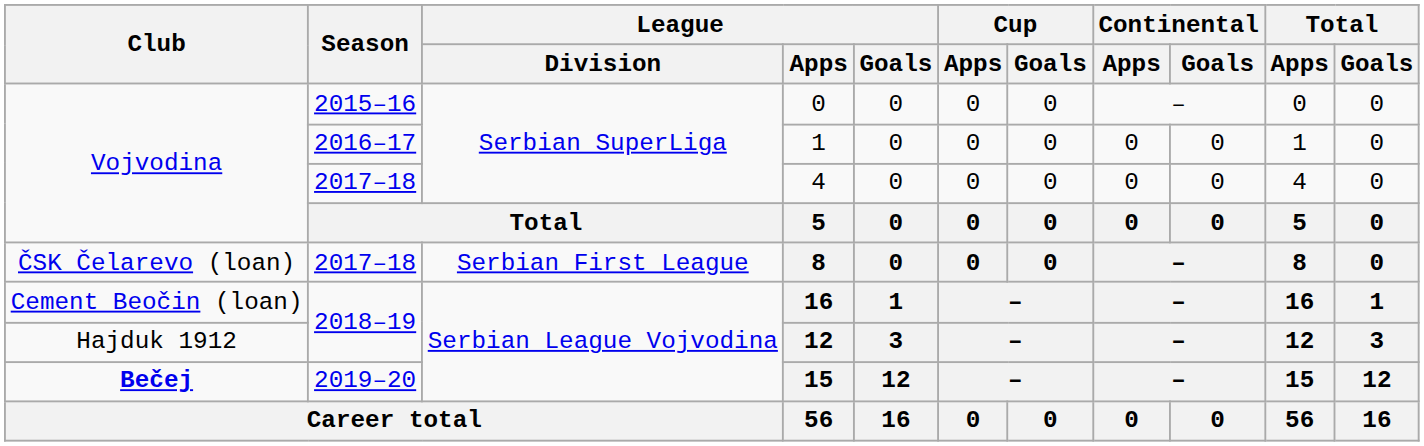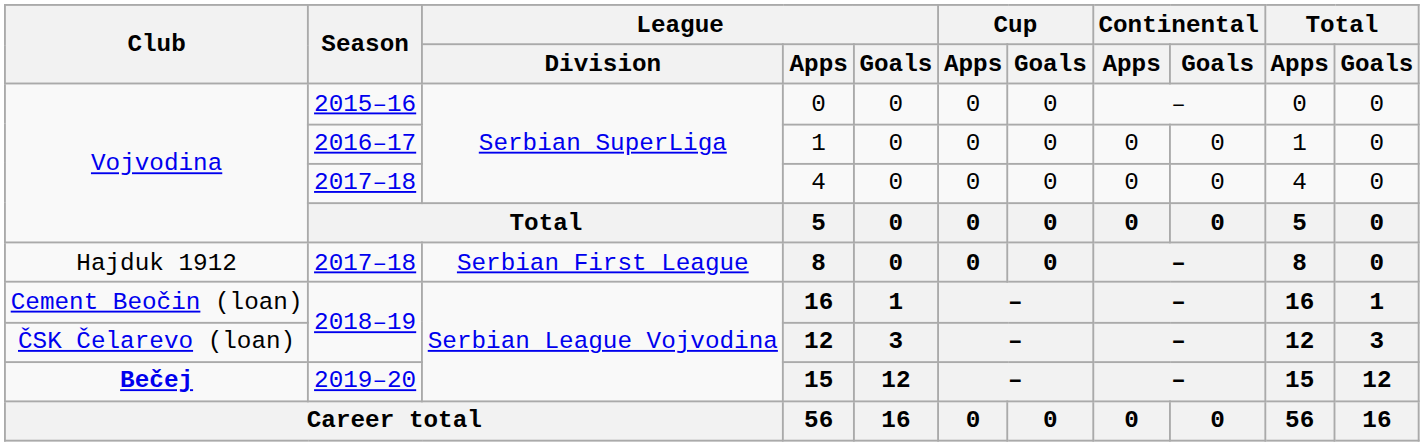 <table class="wikitable" style="text-align:center">
 <tr>
 <th rowspan="2">Club</th>
 <th rowspan="2">Season</th>
 <th colspan="3">League</th>
 <th colspan="2">Cup</th>
 <th colspan="2">Continental</th>
 <th colspan="2">Total</th>
 </tr>
 <tr>
 <th>Division</th>
 <th>Apps</th>
 <th>Goals</th>
 <th>Apps</th>
 <th>Goals</th>
 <th>Apps</th>
 <th>Goals</th>
 <th>Apps</th>
 <th>Goals</th>
 </tr>
 <tr>
 <td rowspan="4"><a href='#'>Vojvodina</a></td>
 <td><a href='#'>2015–16</a></td>
 <td rowspan="3"><a href='#'>Serbian SuperLiga</a></td>
 <td>0</td>
 <td>0</td>
 <td>0</td>
 <td>0</td>
 <td colspan="2">–</td>
 <td>0</td>
 <td>0</td>
 </tr>
 <tr>
 <td><a href='#'>2016–17</a></td>
 <td>1</td>
 <td>0</td>
 <td>0</td>
 <td>0</td>
 <td>0</td>
 <td>0</td>
 <td>1</td>
 <td>0</td>
 </tr>
 <tr>
 <td><a href='#'>2017–18</a></td>
 <td>4</td>
 <td>0</td>
 <td>0</td>
 <td>0</td>
 <td>0</td>
 <td>0</td>
 <td>4</td>
 <td>0</td>
 </tr>
 <tr>
 <th colspan="2">Total</th>
 <th>5</th>
 <th>0</th>
 <th>0</th>
 <th>0</th>
 <th>0</th>
 <th>0</th>
 <th>5</th>
 <th>0</th>
 </tr>
 <tr>
-<td><a href='#'>ČSK Čelarevo</a> (loan)</td>
+<td>Hajduk 1912</td>
 <td><a href='#'>2017–18</a></td>
 <td><a href='#'>Serbian First League</a></td>
 <th>8</th>
 <th>0</th>
 <th>0</th>
 <th>0</th>
 <th colspan="2">–</th>
 <th>8</th>
 <th>0</th>
 </tr>
 <tr>
 <td><a href='#'>Cement Beočin</a> (loan)</td>
 <td rowspan="2"><a href='#'>2018–19</a></td>
 <td rowspan="3"><a href='#'>Serbian League Vojvodina</a></td>
 <th>16</th>
 <th>1</th>
 <th colspan="2">–</th>
 <th colspan="2">–</th>
 <th>16</th>
 <th>1</th>
 </tr>
 <tr>
-<td>Hajduk 1912</td>
+<td><a href='#'>ČSK Čelarevo</a> (loan)</td>
 <th>12</th>
 <th>3</th>
 <th colspan="2">–</th>
 <th colspan="2">–</th>
 <th>12</th>
 <th>3</th>
 </tr>
 <tr>
 <td><strong><a href='#'>Bečej</a></strong></td>
 <td><a href='#'>2019–20</a></td>
 <th>15</th>
 <th>12</th>
 <th colspan="2">–</th>
 <th colspan="2">–</th>
 <th>15</th>
 <th>12</th>
 </tr>
 <tr>
 <th colspan="3">Career total</th>
 <th>56</th>
 <th>16</th>
 <th>0</th>
 <th>0</th>
 <th>0</th>
 <th>0</th>
 <th>56</th>
 <th>16</th>
 </tr>
 </table>
